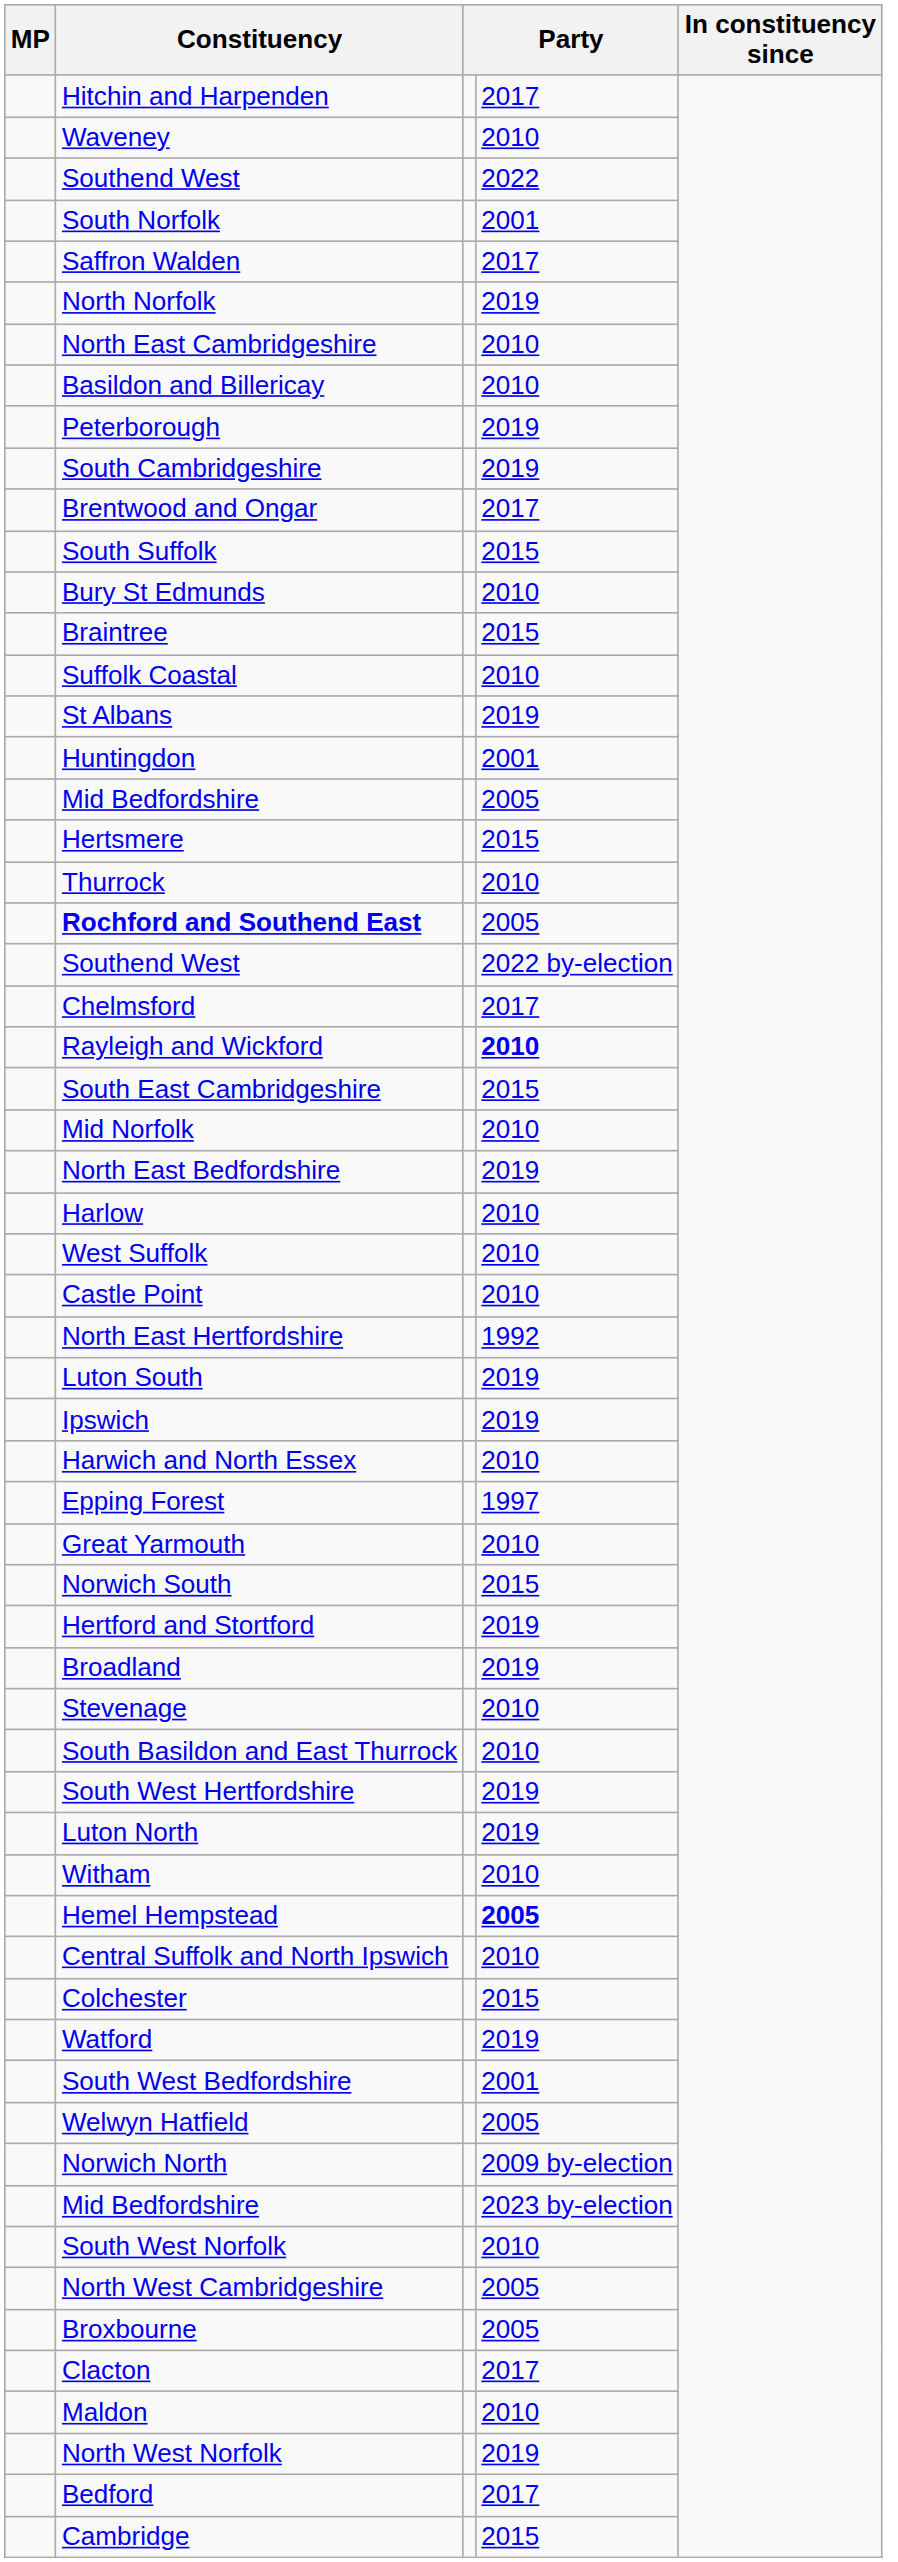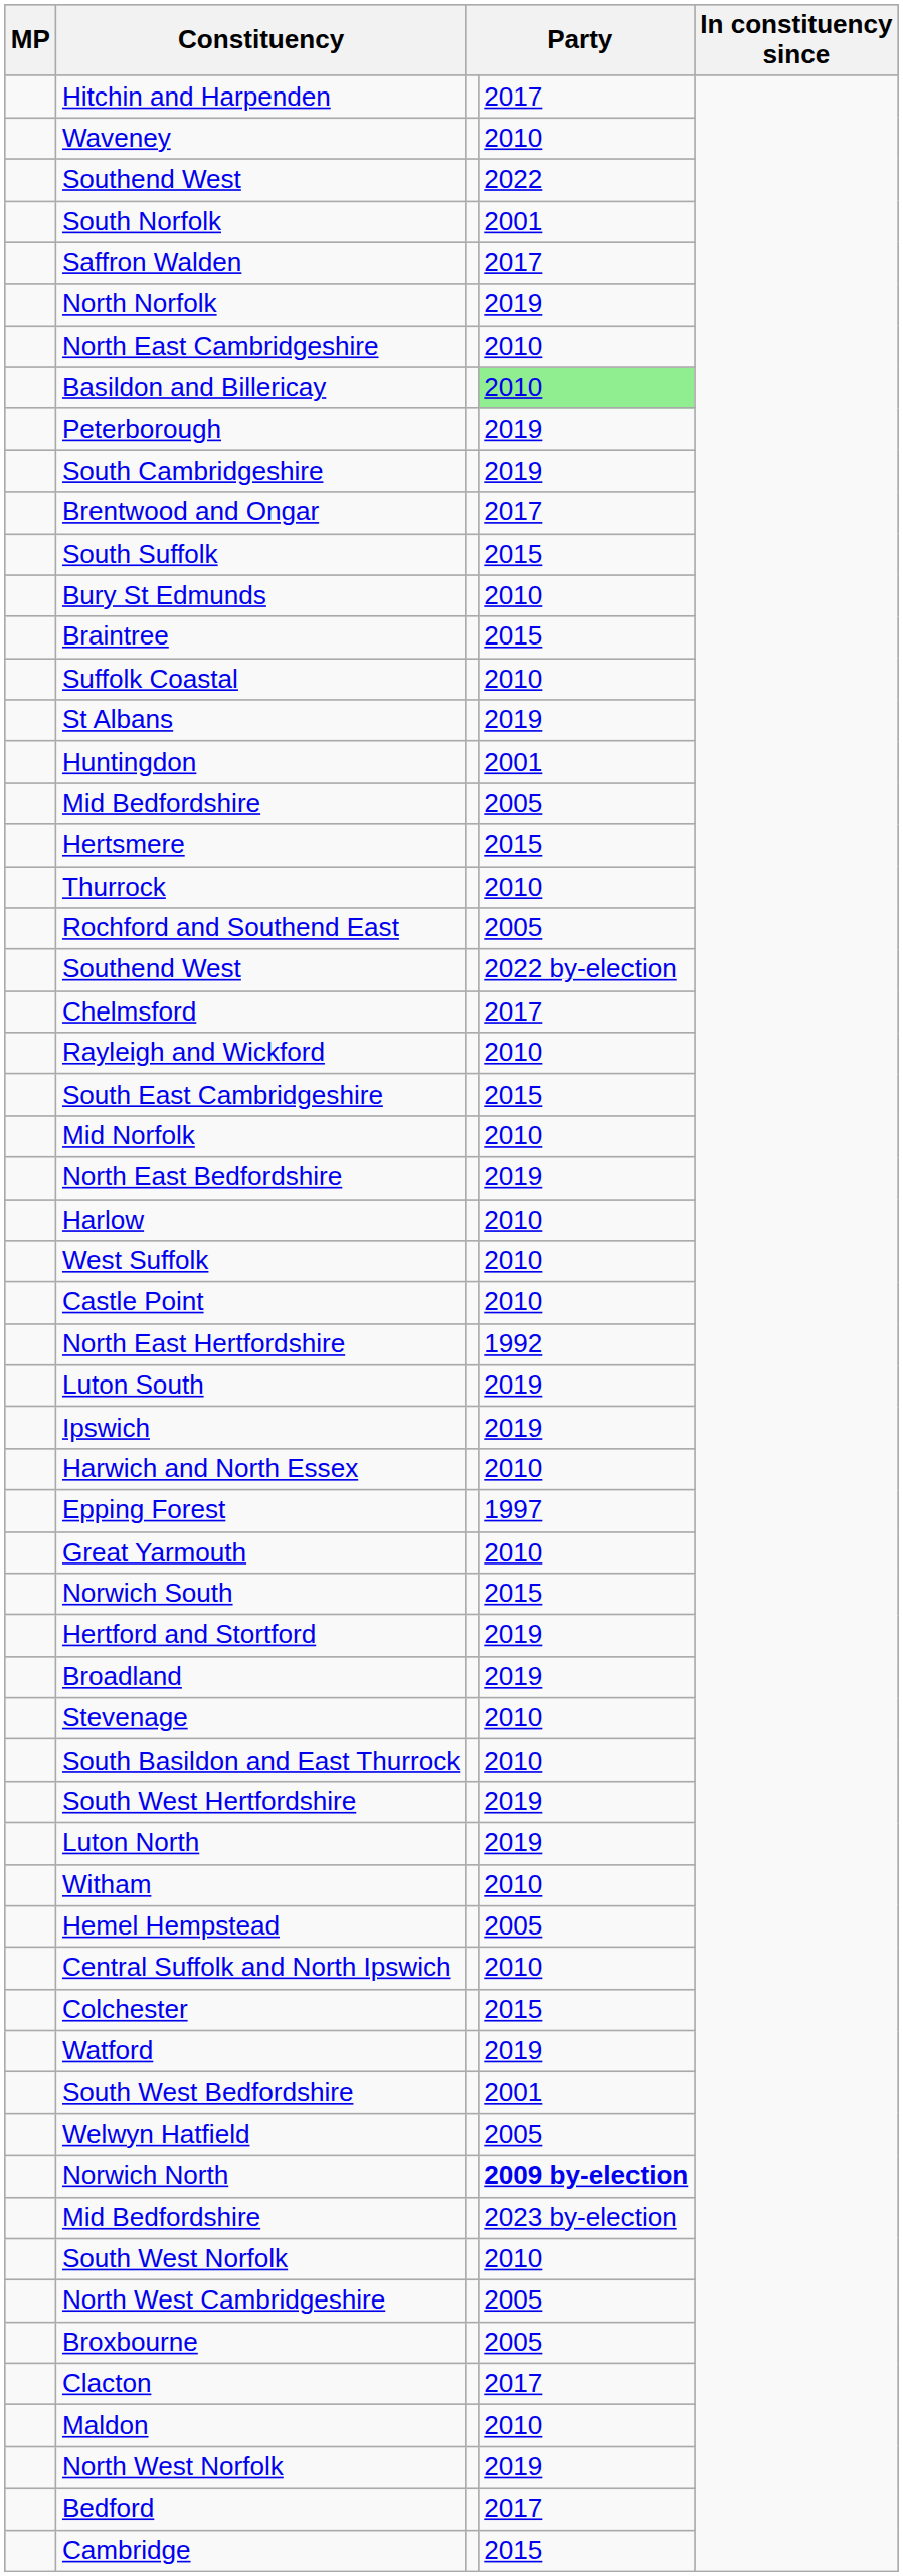 <table class="wikitable sortable">
 <tr>
 <th>MP</th>
 <th>Constituency</th>
 <th colspan=2>Party</th>
 <th>In constituency<br>since</th>
 </tr>
 <tr>
 <td></td>
 <td><a href='#'>Hitchin and Harpenden</a></td>
 <td></td>
 <td><a href='#'>2017</a></td>
 </tr>
 <tr>
 <td></td>
 <td><a href='#'>Waveney</a></td>
 <td></td>
 <td><a href='#'>2010</a></td>
 </tr>
 <tr>
 <td></td>
 <td><a href='#'>Southend West</a></td>
 <td></td>
 <td><a href='#'>2022</a></td>
 </tr>
 <tr>
 <td></td>
 <td><a href='#'>South Norfolk</a></td>
 <td></td>
 <td><a href='#'>2001</a></td>
 </tr>
 <tr>
 <td></td>
 <td><a href='#'>Saffron Walden</a></td>
 <td></td>
 <td><a href='#'>2017</a></td>
 </tr>
 <tr>
 <td></td>
 <td><a href='#'>North Norfolk</a></td>
 <td></td>
 <td><a href='#'>2019</a></td>
 </tr>
 <tr>
 <td></td>
 <td><a href='#'>North East Cambridgeshire</a></td>
 <td></td>
 <td><a href='#'>2010</a></td>
 </tr>
 <tr>
 <td></td>
 <td><a href='#'>Basildon and Billericay</a></td>
 <td></td>
-<td><a href='#'>2010</a></td>
+<td style="background: lightgreen;"><a href='#'>2010</a></td>
 </tr>
 <tr>
 <td></td>
 <td><a href='#'>Peterborough</a></td>
 <td></td>
 <td><a href='#'>2019</a></td>
 </tr>
 <tr>
 <td></td>
 <td><a href='#'>South Cambridgeshire</a></td>
 <td></td>
 <td><a href='#'>2019</a></td>
 </tr>
 <tr>
 <td></td>
 <td><a href='#'>Brentwood and Ongar</a></td>
 <td></td>
 <td><a href='#'>2017</a></td>
 </tr>
 <tr>
 <td></td>
 <td><a href='#'>South Suffolk</a></td>
 <td></td>
 <td><a href='#'>2015</a></td>
 </tr>
 <tr>
 <td></td>
 <td><a href='#'>Bury St Edmunds</a></td>
 <td></td>
 <td><a href='#'>2010</a></td>
 </tr>
 <tr>
 <td></td>
 <td><a href='#'>Braintree</a></td>
 <td></td>
 <td><a href='#'>2015</a></td>
 </tr>
 <tr>
 <td></td>
 <td><a href='#'>Suffolk Coastal</a></td>
 <td></td>
 <td><a href='#'>2010</a></td>
 </tr>
 <tr>
 <td></td>
 <td><a href='#'>St Albans</a></td>
 <td></td>
 <td><a href='#'>2019</a></td>
 </tr>
 <tr>
 <td></td>
 <td><a href='#'>Huntingdon</a></td>
 <td></td>
 <td><a href='#'>2001</a></td>
 </tr>
 <tr>
 <td><em></em></td>
 <td><a href='#'>Mid Bedfordshire</a></td>
 <td></td>
 <td><a href='#'>2005</a></td>
 </tr>
 <tr>
 <td></td>
 <td><a href='#'>Hertsmere</a></td>
 <td></td>
 <td><a href='#'>2015</a></td>
 </tr>
 <tr>
 <td></td>
 <td><a href='#'>Thurrock</a></td>
 <td></td>
 <td><a href='#'>2010</a></td>
 </tr>
 <tr>
 <td></td>
-<td><strong><a href='#'>Rochford and Southend East</a></strong></td>
+<td><a href='#'>Rochford and Southend East</a></td>
 <td></td>
 <td><a href='#'>2005</a></td>
 </tr>
 <tr>
 <td></td>
 <td><a href='#'>Southend West</a></td>
 <td></td>
 <td><a href='#'>2022 by-election</a></td>
 </tr>
 <tr>
 <td></td>
 <td><a href='#'>Chelmsford</a></td>
 <td></td>
 <td><a href='#'>2017</a></td>
 </tr>
 <tr>
 <td></td>
 <td><a href='#'>Rayleigh and Wickford</a></td>
 <td></td>
-<td><strong><a href='#'>2010</a></strong></td>
+<td><a href='#'>2010</a></td>
 </tr>
 <tr>
 <td></td>
 <td><a href='#'>South East Cambridgeshire</a></td>
 <td></td>
 <td><a href='#'>2015</a></td>
 </tr>
 <tr>
 <td></td>
 <td><a href='#'>Mid Norfolk</a></td>
 <td></td>
 <td><a href='#'>2010</a></td>
 </tr>
 <tr>
 <td></td>
 <td><a href='#'>North East Bedfordshire</a></td>
 <td></td>
 <td><a href='#'>2019</a></td>
 </tr>
 <tr>
 <td></td>
 <td><a href='#'>Harlow</a></td>
 <td></td>
 <td><a href='#'>2010</a></td>
 </tr>
 <tr>
 <td></td>
 <td><a href='#'>West Suffolk</a></td>
 <td></td>
 <td><a href='#'>2010</a></td>
 </tr>
 <tr>
 <td></td>
 <td><a href='#'>Castle Point</a></td>
 <td></td>
 <td><a href='#'>2010</a></td>
 </tr>
 <tr>
 <td></td>
 <td><a href='#'>North East Hertfordshire</a></td>
 <td></td>
 <td><a href='#'>1992</a></td>
 </tr>
 <tr>
 <td></td>
 <td><a href='#'>Luton South</a></td>
 <td></td>
 <td><a href='#'>2019</a></td>
 </tr>
 <tr>
 <td></td>
 <td><a href='#'>Ipswich</a></td>
 <td></td>
 <td><a href='#'>2019</a></td>
 </tr>
 <tr>
 <td></td>
 <td><a href='#'>Harwich and North Essex</a></td>
 <td></td>
 <td><a href='#'>2010</a></td>
 </tr>
 <tr>
 <td></td>
 <td><a href='#'>Epping Forest</a></td>
 <td></td>
 <td><a href='#'>1997</a></td>
 </tr>
 <tr>
 <td></td>
 <td><a href='#'>Great Yarmouth</a></td>
 <td></td>
 <td><a href='#'>2010</a></td>
 </tr>
 <tr>
 <td></td>
 <td><a href='#'>Norwich South</a></td>
 <td></td>
 <td><a href='#'>2015</a></td>
 </tr>
 <tr>
 <td></td>
 <td><a href='#'>Hertford and Stortford</a></td>
 <td></td>
 <td><a href='#'>2019</a></td>
 </tr>
 <tr>
 <td></td>
 <td><a href='#'>Broadland</a></td>
 <td></td>
 <td><a href='#'>2019</a></td>
 </tr>
 <tr>
 <td></td>
 <td><a href='#'>Stevenage</a></td>
 <td></td>
 <td><a href='#'>2010</a></td>
 </tr>
 <tr>
 <td></td>
 <td><a href='#'>South Basildon and East Thurrock</a></td>
 <td></td>
 <td><a href='#'>2010</a></td>
 </tr>
 <tr>
 <td></td>
 <td><a href='#'>South West Hertfordshire</a></td>
 <td></td>
 <td><a href='#'>2019</a></td>
 </tr>
 <tr>
 <td></td>
 <td><a href='#'>Luton North</a></td>
 <td></td>
 <td><a href='#'>2019</a></td>
 </tr>
 <tr>
 <td></td>
 <td><a href='#'>Witham</a></td>
 <td></td>
 <td><a href='#'>2010</a></td>
 </tr>
 <tr>
 <td></td>
 <td><a href='#'>Hemel Hempstead</a></td>
 <td></td>
-<td><strong><a href='#'>2005</a></strong></td>
+<td><a href='#'>2005</a></td>
 </tr>
 <tr>
 <td></td>
 <td><a href='#'>Central Suffolk and North Ipswich</a></td>
 <td></td>
 <td><a href='#'>2010</a></td>
 </tr>
 <tr>
 <td></td>
 <td><a href='#'>Colchester</a></td>
 <td></td>
 <td><a href='#'>2015</a></td>
 </tr>
 <tr>
 <td></td>
 <td><a href='#'>Watford</a></td>
 <td></td>
 <td><a href='#'>2019</a></td>
 </tr>
 <tr>
 <td></td>
 <td><a href='#'>South West Bedfordshire</a></td>
 <td></td>
 <td><a href='#'>2001</a></td>
 </tr>
 <tr>
 <td></td>
 <td><a href='#'>Welwyn Hatfield</a></td>
 <td></td>
 <td><a href='#'>2005</a></td>
 </tr>
 <tr>
 <td></td>
 <td><a href='#'>Norwich North</a></td>
 <td></td>
-<td><a href='#'>2009 by-election</a></td>
+<td><strong><a href='#'>2009 by-election</a></strong></td>
 </tr>
 <tr>
 <td></td>
 <td><a href='#'>Mid Bedfordshire</a></td>
 <td></td>
 <td><a href='#'>2023 by-election</a></td>
 </tr>
 <tr>
 <td></td>
 <td><a href='#'>South West Norfolk</a></td>
 <td></td>
 <td><a href='#'>2010</a></td>
 </tr>
 <tr>
 <td></td>
 <td><a href='#'>North West Cambridgeshire</a></td>
 <td></td>
 <td><a href='#'>2005</a></td>
 </tr>
 <tr>
 <td></td>
 <td><a href='#'>Broxbourne</a></td>
 <td></td>
 <td><a href='#'>2005</a></td>
 </tr>
 <tr>
 <td></td>
 <td><a href='#'>Clacton</a></td>
 <td></td>
 <td><a href='#'>2017</a></td>
 </tr>
 <tr>
 <td></td>
 <td><a href='#'>Maldon</a></td>
 <td></td>
 <td><a href='#'>2010</a></td>
 </tr>
 <tr>
 <td></td>
 <td><a href='#'>North West Norfolk</a></td>
 <td></td>
 <td><a href='#'>2019</a></td>
 </tr>
 <tr>
 <td></td>
 <td><a href='#'>Bedford</a></td>
 <td></td>
 <td><a href='#'>2017</a></td>
 </tr>
 <tr>
 <td></td>
 <td><a href='#'>Cambridge</a></td>
 <td></td>
 <td><a href='#'>2015</a></td>
 </tr>
 </table>
